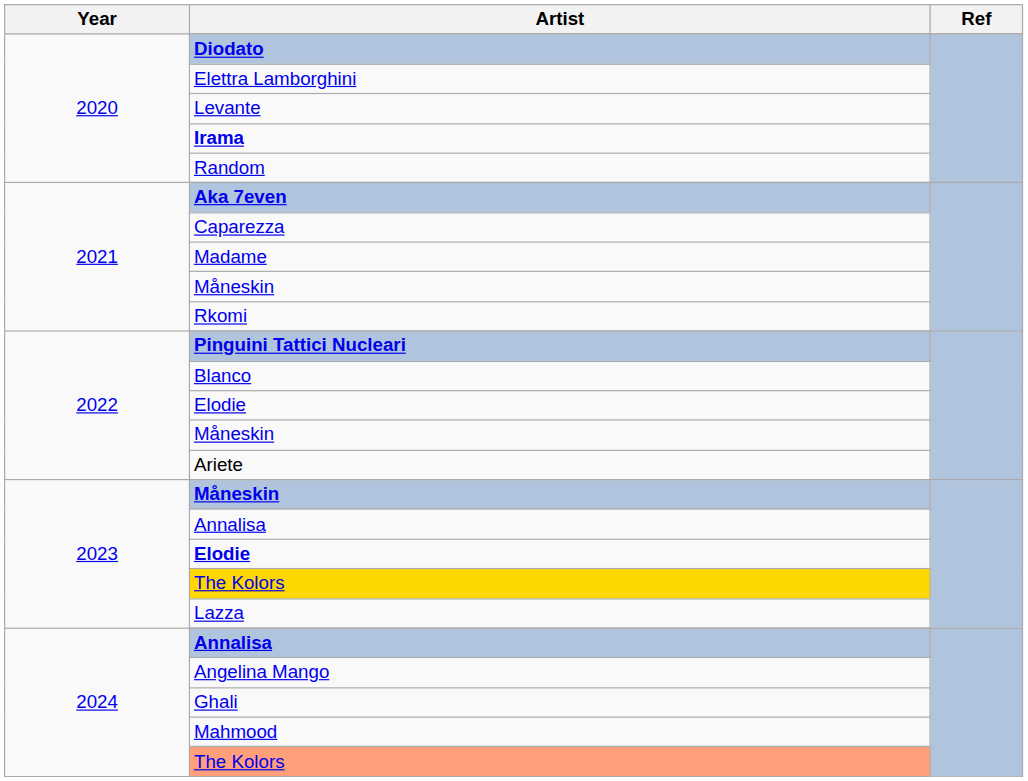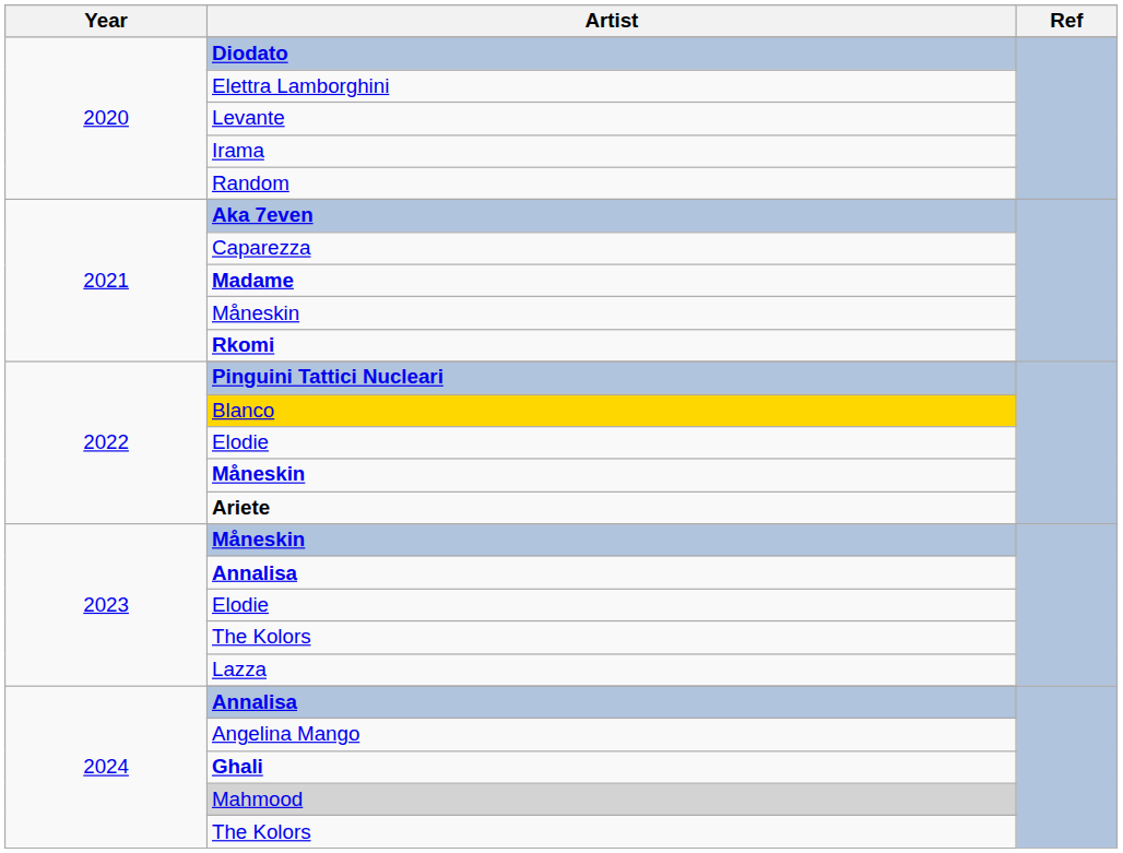 <table class="wikitable" style="width:55%;">
 <tr style="background:#bebebe;">
 <th style="width:10%;">Year</th>
 <th style="width:40%;">Artist</th>
 <th style="width:5%;">Ref</th>
 </tr>
 <tr>
 <td rowspan="6" align="center"><a href='#'>2020</a></td>
 </tr>
 <tr style="background:#B0C4DE">
 <td><strong><a href='#'>Diodato</a></strong></td>
 <td rowspan="6" align="center"></td>
 </tr>
 <tr>
 <td><a href='#'>Elettra Lamborghini</a></td>
 </tr>
 <tr>
 <td><a href='#'>Levante</a></td>
 </tr>
 <tr>
-<td><strong><a href='#'>Irama</a></strong></td>
+<td><a href='#'>Irama</a></td>
 </tr>
 <tr>
 <td><a href='#'>Random</a></td>
 </tr>
 <tr>
 <td rowspan="6" align="center"><a href='#'>2021</a></td>
 </tr>
 <tr style="background:#B0C4DE">
 <td><strong><a href='#'>Aka 7even</a></strong></td>
 <td rowspan="6" align="center"></td>
 </tr>
 <tr>
 <td><a href='#'>Caparezza</a></td>
 </tr>
 <tr>
-<td><a href='#'>Madame</a></td>
+<td><strong><a href='#'>Madame</a></strong></td>
 </tr>
 <tr>
 <td><a href='#'>Måneskin</a></td>
 </tr>
 <tr>
-<td><a href='#'>Rkomi</a></td>
+<td><strong><a href='#'>Rkomi</a></strong></td>
 </tr>
 <tr>
 <td rowspan="6" align="center"><a href='#'>2022</a></td>
 </tr>
 <tr style="background:#B0C4DE">
 <td><strong><a href='#'>Pinguini Tattici Nucleari</a></strong></td>
 <td rowspan="6" align="center"></td>
 </tr>
 <tr>
-<td><a href='#'>Blanco</a></td>
+<td style="background: gold;"><a href='#'>Blanco</a></td>
 </tr>
 <tr>
 <td><a href='#'>Elodie</a></td>
 </tr>
 <tr>
-<td><a href='#'>Måneskin</a></td>
+<td><strong><a href='#'>Måneskin</a></strong></td>
 </tr>
 <tr>
-<td>Ariete</td>
+<td><strong>Ariete</strong></td>
 </tr>
 <tr>
 <td rowspan="6" align="center"><a href='#'>2023</a></td>
 </tr>
 <tr style="background:#B0C4DE">
 <td><strong><a href='#'>Måneskin</a></strong></td>
 <td rowspan="6" align="center"></td>
 </tr>
 <tr>
-<td><a href='#'>Annalisa</a></td>
+<td><strong><a href='#'>Annalisa</a></strong></td>
 </tr>
 <tr>
-<td><strong><a href='#'>Elodie</a></strong></td>
+<td><a href='#'>Elodie</a></td>
 </tr>
 <tr>
-<td style="background: gold;"><a href='#'>The Kolors</a></td>
+<td><a href='#'>The Kolors</a></td>
 </tr>
 <tr>
 <td><a href='#'>Lazza</a></td>
 </tr>
 <tr>
 <td rowspan="6" align="center"><a href='#'>2024</a></td>
 </tr>
 <tr style="background:#B0C4DE">
 <td><strong><a href='#'>Annalisa</a></strong></td>
 <td rowspan="6" align="center"></td>
 </tr>
 <tr>
 <td><a href='#'>Angelina Mango</a></td>
 </tr>
 <tr>
-<td><a href='#'>Ghali</a></td>
+<td><strong><a href='#'>Ghali</a></strong></td>
 </tr>
 <tr>
-<td><a href='#'>Mahmood</a></td>
+<td style="background: lightgrey;"><a href='#'>Mahmood</a></td>
 </tr>
 <tr>
-<td style="background: lightsalmon;"><a href='#'>The Kolors</a></td>
+<td><a href='#'>The Kolors</a></td>
 </tr>
 <tr>
 </tr>
 </table>
